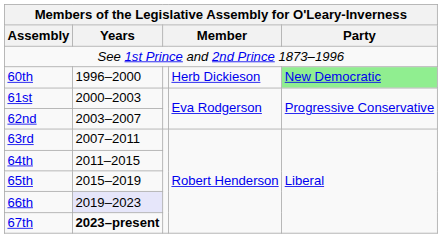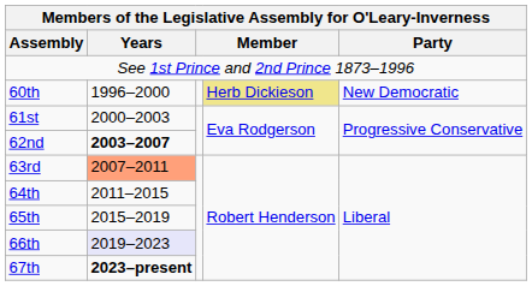 <table class="wikitable" align=centre>
 <tr>
 <th colspan=5>Members of the Legislative Assembly for O'Leary-Inverness</th>
 </tr>
 <tr>
 <th>Assembly</th>
 <th>Years</th>
 <th colspan="2">Member</th>
 <th>Party</th>
 </tr>
 <tr>
 <td align="center" colspan=5><em>See <a href='#'>1st Prince</a> and <a href='#'>2nd Prince</a> 1873–1996</em></td>
 </tr>
 <tr>
 <td><a href='#'>60th</a></td>
 <td>1996–2000</td>
 <td rowspan=1 ></td>
-<td rowspan=1><a href='#'>Herb Dickieson</a></td>
-<td rowspan=1 style="background: lightgreen;"><a href='#'>New Democratic</a></td>
+<td rowspan=1 style="background: khaki;"><a href='#'>Herb Dickieson</a></td>
+<td rowspan=1><a href='#'>New Democratic</a></td>
 </tr>
 <tr>
 <td><a href='#'>61st</a></td>
 <td>2000–2003</td>
 <td rowspan=2 ></td>
 <td rowspan=2><a href='#'>Eva Rodgerson</a></td>
 <td rowspan=2><a href='#'>Progressive Conservative</a></td>
 </tr>
 <tr>
 <td><a href='#'>62nd</a></td>
-<td>2003–2007</td>
+<td><strong>2003–2007</strong></td>
 </tr>
 <tr>
 <td><a href='#'>63rd</a></td>
-<td>2007–2011</td>
+<td style="background: lightsalmon;">2007–2011</td>
 <td rowspan=5 ></td>
 <td rowspan=5><a href='#'>Robert Henderson</a></td>
 <td rowspan=5><a href='#'>Liberal</a></td>
 </tr>
 <tr>
 <td><a href='#'>64th</a></td>
 <td>2011–2015</td>
 </tr>
 <tr>
 <td><a href='#'>65th</a></td>
 <td>2015–2019</td>
 </tr>
 <tr>
 <td><a href='#'>66th</a></td>
 <td style="background: lavender;">2019–2023</td>
 </tr>
 <tr>
 <td><a href='#'>67th</a></td>
 <td><strong>2023–present</strong></td>
 </tr>
 </table>
